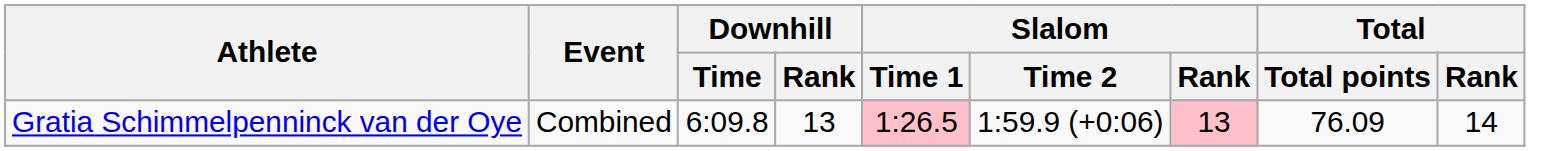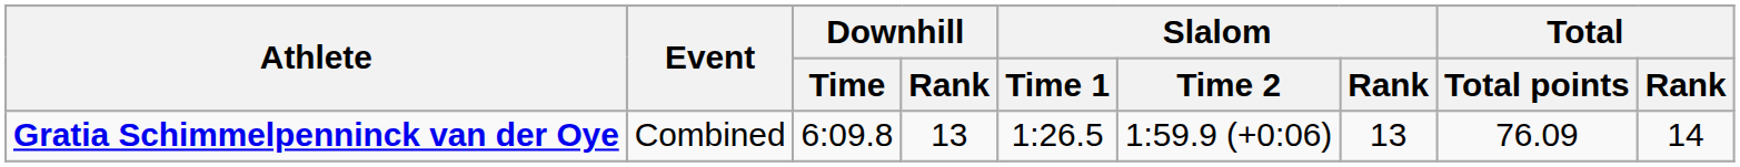 <table class="wikitable" style="font-size:90%">
 <tr>
 <th rowspan="2">Athlete</th>
 <th rowspan="2">Event</th>
 <th colspan="2">Downhill</th>
 <th colspan="3">Slalom</th>
 <th colspan="2">Total</th>
 </tr>
 <tr>
 <th>Time</th>
 <th>Rank</th>
 <th>Time 1</th>
 <th>Time 2</th>
 <th>Rank</th>
 <th>Total points</th>
 <th>Rank</th>
 </tr>
 <tr>
-<td><a href='#'>Gratia Schimmelpenninck van der Oye</a></td>
+<td><strong><a href='#'>Gratia Schimmelpenninck van der Oye</a></strong></td>
 <td>Combined</td>
 <td align="center">6:09.8</td>
 <td align="center">13</td>
-<td align="center" style="background: pink;">1:26.5</td>
+<td align="center">1:26.5</td>
 <td align="center">1:59.9 (+0:06)</td>
-<td align="center" style="background: pink;">13</td>
+<td align="center">13</td>
 <td align="center">76.09</td>
 <td align="center">14</td>
 </tr>
 </table>
